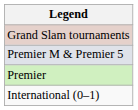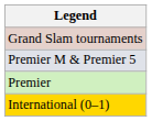 <table class=wikitable style="font-size:90%">
 <tr>
 <th>Legend</th>
 </tr>
 <tr>
 <td bgcolor=#e5d1cb>Grand Slam tournaments</td>
 </tr>
 <tr>
 <td bgcolor=#dfe2e9>Premier M & Premier 5</td>
 </tr>
 <tr>
 <td bgcolor=#d0f0c0>Premier</td>
 </tr>
 <tr>
-<td>International (0–1)</td>
+<td style="background: gold;">International (0–1)</td>
 </tr>
 </table>
